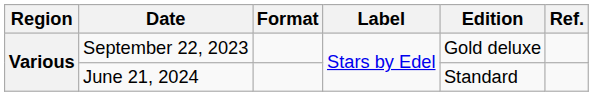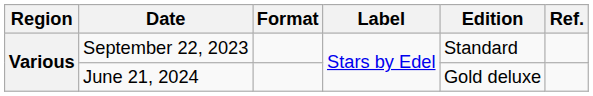 <table class="wikitable plainrowheaders">
 <tr>
 <th scope="col">Region</th>
 <th scope="col">Date</th>
 <th scope="col">Format</th>
 <th scope="col">Label</th>
 <th scope="col">Edition</th>
 <th scope="col">Ref.</th>
 </tr>
 <tr>
 <th rowspan="2" scope="row">Various</th>
 <td>September 22, 2023</td>
 <td></td>
 <td rowspan="2"><a href='#'>Stars by Edel</a></td>
-<td>Gold deluxe</td>
+<td>Standard</td>
 <td></td>
 </tr>
 <tr>
 <td>June 21, 2024</td>
 <td></td>
-<td>Standard</td>
+<td>Gold deluxe</td>
 <td></td>
 </tr>
 </table>
